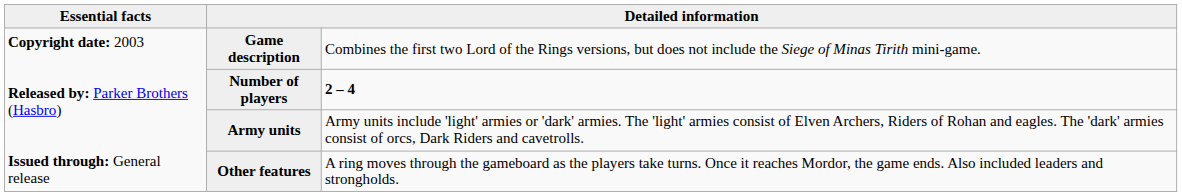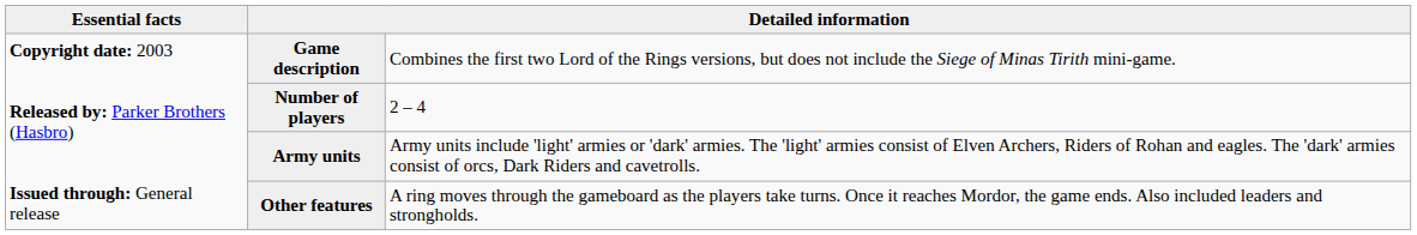 <table class="wikitable">
 <tr>
 <th style="background:#efefef;">Essential facts</th>
 <th style="background:#efefef;" colspan=2>Detailed information</th>
 </tr>
 <tr>
 <td rowspan=4><strong>Copyright date:</strong> 2003<br><br><br> <strong>Released by:</strong> <a href='#'>Parker Brothers</a> (<a href='#'>Hasbro</a>) <br><br><br> <strong>Issued through:</strong> General release</td>
 <th style="background:#efefef;">Game description</th>
 <td>Combines the first two Lord of the Rings versions, but does not include the <em>Siege of Minas Tirith</em> mini-game.</td>
 </tr>
 <tr>
 <th style="background:#efefef;">Number of players</th>
-<td><strong>2 – 4</strong></td>
+<td>2 – 4</td>
 </tr>
 <tr>
 <th style="background:#efefef;">Army units</th>
 <td>Army units include 'light' armies or 'dark' armies. The 'light' armies consist of  Elven Archers, Riders of Rohan and eagles. The 'dark' armies consist of orcs, Dark Riders and cavetrolls.</td>
 </tr>
 <tr>
 <th style="background:#efefef;">Other features</th>
 <td>A ring moves through the gameboard as the players take turns. Once it reaches Mordor, the game ends. Also included leaders and strongholds.</td>
 </tr>
 </table>
